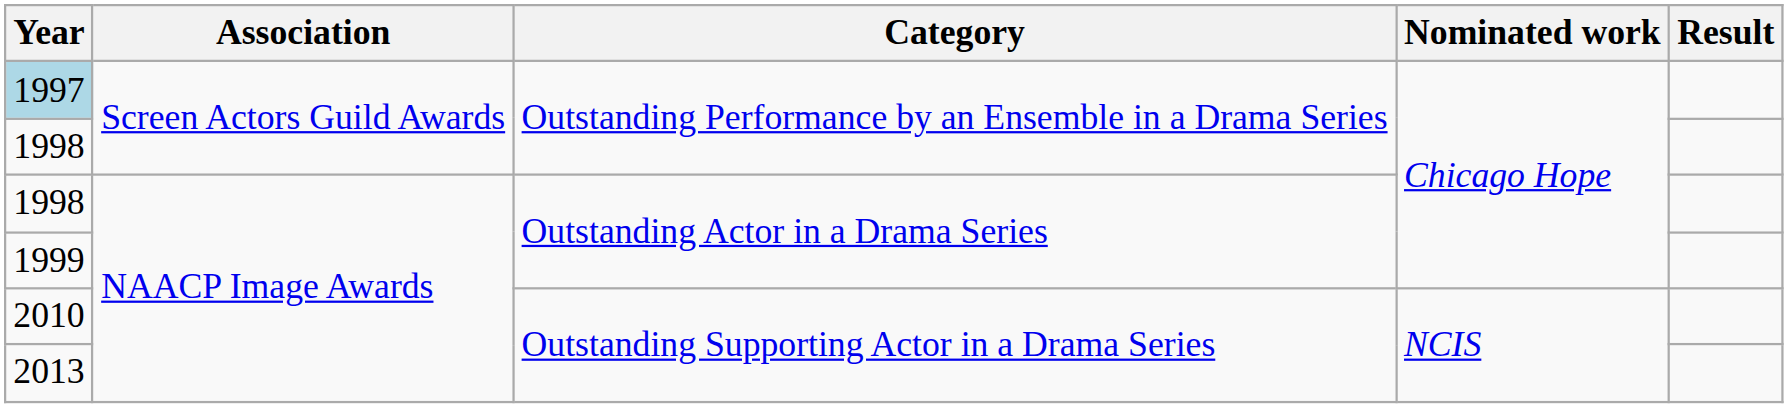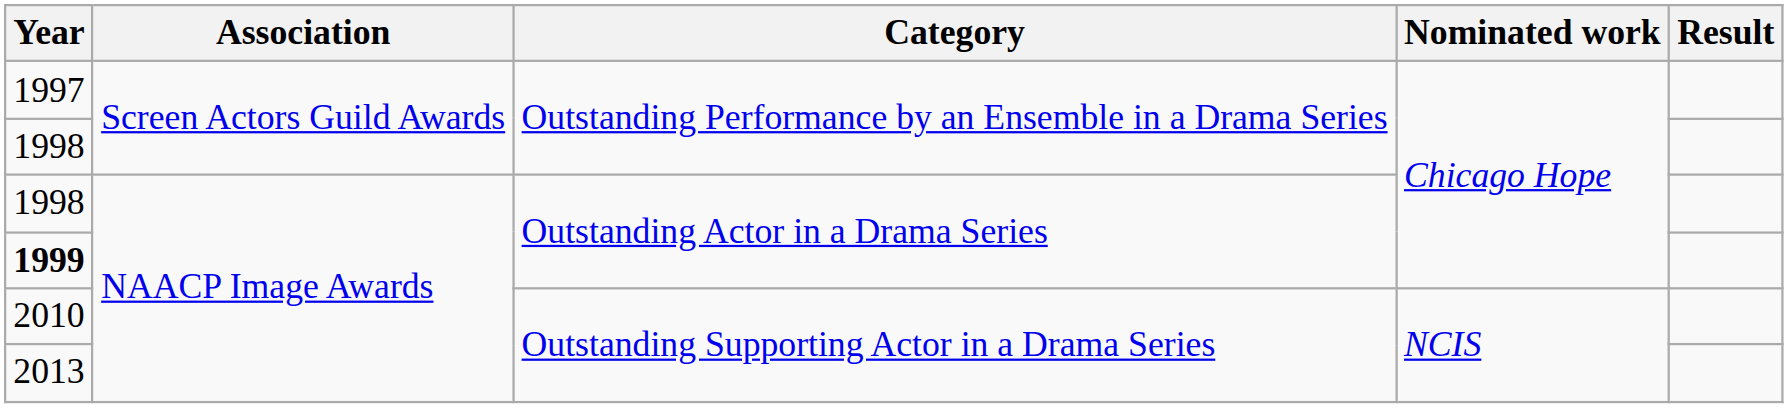 <table class="wikitable">
 <tr>
 <th>Year</th>
 <th>Association</th>
 <th>Category</th>
 <th>Nominated work</th>
 <th>Result</th>
 </tr>
 <tr>
-<td style="background: lightblue;">1997</td>
+<td>1997</td>
 <td rowspan="2"><a href='#'>Screen Actors Guild Awards</a></td>
 <td rowspan="2"><a href='#'>Outstanding Performance by an Ensemble in a Drama Series</a></td>
 <td rowspan="4"><em><a href='#'>Chicago Hope</a></em></td>
 <td></td>
 </tr>
 <tr>
 <td>1998</td>
 <td></td>
 </tr>
 <tr>
 <td>1998</td>
 <td rowspan="4"><a href='#'>NAACP Image Awards</a></td>
 <td rowspan="2"><a href='#'>Outstanding Actor in a Drama Series</a></td>
 <td></td>
 </tr>
 <tr>
-<td>1999</td>
+<td><strong>1999</strong></td>
 <td></td>
 </tr>
 <tr>
 <td>2010</td>
 <td rowspan="2"><a href='#'>Outstanding Supporting Actor in a Drama Series</a></td>
 <td rowspan="2"><em><a href='#'>NCIS</a></em></td>
 <td></td>
 </tr>
 <tr>
 <td>2013</td>
 <td></td>
 </tr>
 </table>
